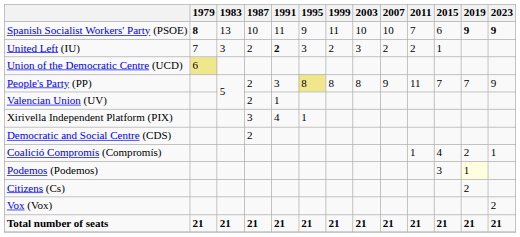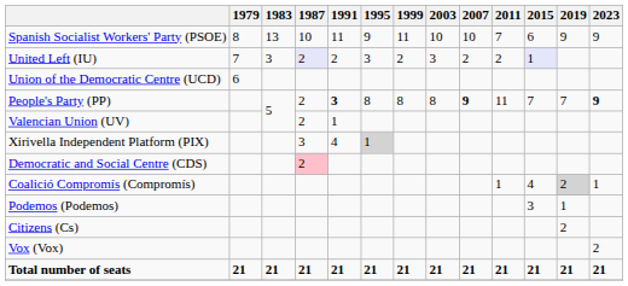 <table class="wikitable">
 <tr>
 <th></th>
 <th>1979</th>
 <th>1983</th>
 <th>1987</th>
 <th>1991</th>
 <th>1995</th>
 <th>1999</th>
 <th>2003</th>
 <th>2007</th>
 <th>2011</th>
 <th>2015</th>
 <th>2019</th>
 <th>2023</th>
 </tr>
 <tr>
 <td><a href='#'>Spanish Socialist Workers' Party</a> (PSOE)</td>
-<td><strong>8</strong></td>
+<td>8</td>
 <td>13</td>
 <td>10</td>
 <td>11</td>
 <td>9</td>
 <td>11</td>
 <td>10</td>
 <td>10</td>
 <td>7</td>
 <td>6</td>
-<td><strong>9</strong></td>
-<td><strong>9</strong></td>
+<td>9</td>
+<td>9</td>
 </tr>
 <tr>
 <td><a href='#'>United Left</a> (IU)</td>
 <td>7</td>
 <td>3</td>
+<td style="background: lavender;">2</td>
 <td>2</td>
-<td><strong>2</strong></td>
 <td>3</td>
 <td>2</td>
 <td>3</td>
 <td>2</td>
 <td>2</td>
-<td>1</td>
+<td style="background: lavender;">1</td>
 <td></td>
 <td></td>
 </tr>
 <tr>
 <td><a href='#'>Union of the Democratic Centre</a> (UCD)</td>
-<td style="background: khaki;">6</td>
+<td>6</td>
 <td></td>
 <td></td>
 <td></td>
 <td></td>
 <td></td>
 <td></td>
 <td></td>
 <td></td>
 <td></td>
 <td></td>
 <td></td>
 </tr>
 <tr>
 <td><a href='#'>People's Party</a> (PP)</td>
 <td></td>
 <td rowspan=2>5</td>
 <td>2</td>
-<td>3</td>
-<td style="background: khaki;">8</td>
+<td><strong>3</strong></td>
 <td>8</td>
 <td>8</td>
-<td>9</td>
+<td>8</td>
+<td><strong>9</strong></td>
 <td>11</td>
 <td>7</td>
 <td>7</td>
-<td>9</td>
+<td><strong>9</strong></td>
 </tr>
 <tr>
 <td><a href='#'>Valencian Union</a> (UV)</td>
 <td></td>
 <td>2</td>
 <td>1</td>
 <td></td>
 <td></td>
 <td></td>
 <td></td>
 <td></td>
 <td></td>
 <td></td>
 <td></td>
 </tr>
 <tr>
 <td>Xirivella Independent Platform (PIX)</td>
 <td></td>
 <td></td>
 <td>3</td>
 <td>4</td>
-<td>1</td>
+<td style="background: lightgrey;">1</td>
 <td></td>
 <td></td>
 <td></td>
 <td></td>
 <td></td>
 <td></td>
 <td></td>
 </tr>
 <tr>
 <td><a href='#'>Democratic and Social Centre</a> (CDS)</td>
 <td></td>
 <td></td>
-<td>2</td>
+<td style="background: pink;">2</td>
 <td></td>
 <td></td>
 <td></td>
 <td></td>
 <td></td>
 <td></td>
 <td></td>
 <td></td>
 <td></td>
 </tr>
 <tr>
 <td><a href='#'>Coalició Compromís</a> (Compromís)</td>
 <td></td>
 <td></td>
 <td></td>
 <td></td>
 <td></td>
 <td></td>
 <td></td>
 <td></td>
 <td>1</td>
 <td>4</td>
-<td>2</td>
+<td style="background: lightgrey;">2</td>
 <td>1</td>
 </tr>
 <tr>
 <td><a href='#'>Podemos</a> (Podemos)</td>
 <td></td>
 <td></td>
 <td></td>
 <td></td>
 <td></td>
 <td></td>
 <td></td>
 <td></td>
 <td></td>
 <td>3</td>
-<td style="background: lightyellow;">1</td>
+<td>1</td>
 <td></td>
 </tr>
 <tr>
 <td><a href='#'>Citizens</a> (Cs)</td>
 <td></td>
 <td></td>
 <td></td>
 <td></td>
 <td></td>
 <td></td>
 <td></td>
 <td></td>
 <td></td>
 <td></td>
 <td>2</td>
 <td></td>
 </tr>
 <tr>
 <td><a href='#'>Vox</a> (Vox)</td>
 <td></td>
 <td></td>
 <td></td>
 <td></td>
 <td></td>
 <td></td>
 <td></td>
 <td></td>
 <td></td>
 <td></td>
 <td></td>
 <td>2</td>
 </tr>
 <tr>
 <td><strong>Total number of seats</strong></td>
 <td><strong>21</strong></td>
 <td><strong>21</strong></td>
 <td><strong>21</strong></td>
 <td><strong>21</strong></td>
 <td><strong>21</strong></td>
 <td><strong>21</strong></td>
 <td><strong>21</strong></td>
 <td><strong>21</strong></td>
 <td><strong>21</strong></td>
 <td><strong>21</strong></td>
 <td><strong>21</strong></td>
 <td><strong>21</strong></td>
 </tr>
 <tr>
 </tr>
 </table>
